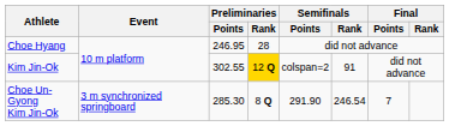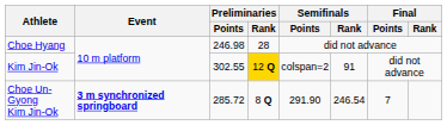 <table class=wikitable style="font-size:90%;">
 <tr>
 <th rowspan="2">Athlete</th>
 <th rowspan="2">Event</th>
 <th colspan="2">Preliminaries</th>
 <th colspan="2">Semifinals</th>
 <th colspan="2">Final</th>
 </tr>
 <tr style="font-size:95%">
 <th>Points</th>
 <th>Rank</th>
 <th>Points</th>
 <th>Rank</th>
 <th>Points</th>
 <th>Rank</th>
 </tr>
 <tr align=center>
 <td align=left><a href='#'>Choe Hyang</a></td>
 <td align=left rowspan=2><a href='#'>10 m platform</a></td>
-<td>246.95</td>
+<td>246.98</td>
 <td>28</td>
 <td colspan=4>did not advance</td>
 </tr>
 <tr align=center>
 <td align=left><a href='#'>Kim Jin-Ok</a></td>
 <td>302.55</td>
 <td style="background: gold;">12 <strong>Q</strong></td>
 <td>colspan=2 </td>
 <td>91</td>
 <td colspan=2>did not advance</td>
 </tr>
 <tr align=center>
 <td align=left><a href='#'>Choe Un-Gyong</a><br><a href='#'>Kim Jin-Ok</a></td>
-<td align=left><a href='#'>3 m synchronized springboard</a></td>
-<td>285.30</td>
+<td align=left><strong><a href='#'>3 m synchronized springboard</a></strong></td>
+<td>285.72</td>
 <td>8 <strong>Q</strong></td>
 <td>291.90</td>
 <td>246.54</td>
 <td>7</td>
 </tr>
 </table>
